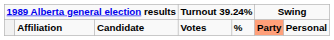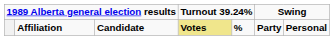 <table class="wikitable">
 <tr>
 <td colspan="3" align=center><strong><a href='#'>1989 Alberta general election</a> results</strong></td>
 <td colspan="2"><strong>Turnout 39.24%</strong></td>
 <td colspan="2" align=center><strong>Swing</strong></td>
 </tr>
 <tr>
 <th style="width: 10px;"></th>
 <td><strong>Affiliation</strong></td>
 <td><strong>Candidate</strong></td>
-<td><strong>Votes</strong></td>
+<td style="background: khaki;"><strong>Votes</strong></td>
 <td><strong>%</strong></td>
-<td style="background: lightsalmon;"><strong>Party</strong></td>
+<td><strong>Party</strong></td>
 <td><strong>Personal</strong><br>      </td>
 </tr>
 </table>
